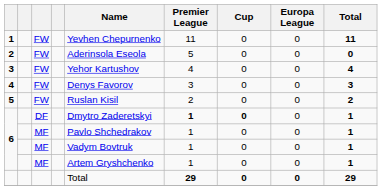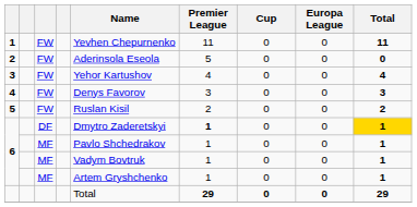 <table class="wikitable" style="text-align:center">
 <tr>
 <th width=15></th>
 <th width=15></th>
 <th width=15></th>
 <th width=15></th>
 <th width=155>Name</th>
 <th width=80><strong>Premier League</strong></th>
 <th width=80><strong>Cup</strong></th>
 <th width=80><strong>Europa League</strong></th>
 <th width=80>Total</th>
 </tr>
 <tr>
 <td><strong>1</strong></td>
 <td></td>
 <td><a href='#'>FW</a></td>
 <td></td>
 <td align=left><a href='#'>Yevhen Chepurnenko</a></td>
 <td>11</td>
 <td>0</td>
 <td>0</td>
 <td><strong>11</strong></td>
 </tr>
 <tr>
 <td><strong>2</strong></td>
 <td></td>
 <td><a href='#'>FW</a></td>
 <td></td>
 <td align=left><a href='#'>Aderinsola Eseola</a></td>
 <td>5</td>
 <td>0</td>
 <td>0</td>
 <td><strong>0</strong></td>
 </tr>
 <tr>
 <td><strong>3</strong></td>
 <td></td>
 <td><a href='#'>FW</a></td>
 <td></td>
 <td align=left><a href='#'>Yehor Kartushov</a></td>
 <td>4</td>
 <td>0</td>
 <td>0</td>
 <td><strong>4</strong></td>
 </tr>
 <tr>
 <td><strong>4</strong></td>
 <td></td>
 <td><a href='#'>FW</a></td>
 <td></td>
 <td align=left><a href='#'>Denys Favorov</a></td>
 <td>3</td>
 <td>0</td>
 <td>0</td>
 <td><strong>3</strong></td>
 </tr>
 <tr>
 <td><strong>5</strong></td>
 <td></td>
 <td><a href='#'>FW</a></td>
 <td></td>
 <td align=left><a href='#'>Ruslan Kisil</a></td>
 <td>2</td>
 <td>0</td>
 <td>0</td>
 <td><strong>2</strong></td>
 </tr>
 <tr>
 <td rowspan=4><strong>6</strong></td>
 <td></td>
 <td><a href='#'>DF</a></td>
 <td></td>
 <td align=left><a href='#'>Dmytro Zaderetskyi</a></td>
 <td><strong>1</strong></td>
-<td><strong>0</strong></td>
 <td>0</td>
-<td><strong>1</strong></td>
+<td>0</td>
+<td style="background: gold;"><strong>1</strong></td>
 </tr>
 <tr>
 <td></td>
 <td><a href='#'>MF</a></td>
 <td></td>
 <td align=left><a href='#'>Pavlo Shchedrakov</a></td>
 <td>1</td>
 <td>0</td>
 <td>0</td>
 <td><strong>1</strong></td>
 </tr>
 <tr>
 <td></td>
 <td><a href='#'>MF</a></td>
 <td></td>
 <td align=left><a href='#'>Vadym Bovtruk</a></td>
 <td>1</td>
 <td>0</td>
 <td>0</td>
 <td><strong>1</strong></td>
 </tr>
 <tr>
 <td></td>
 <td><a href='#'>MF</a></td>
 <td></td>
 <td align=left><a href='#'>Artem Gryshchenko</a></td>
 <td>1</td>
 <td>0</td>
 <td>0</td>
 <td><strong>1</strong></td>
 </tr>
 <tr>
 <td></td>
 <td></td>
 <td></td>
 <td></td>
 <td align=left>Total</td>
 <td><strong>29</strong></td>
 <td><strong>0</strong></td>
 <td><strong>0</strong></td>
 <td><strong>29</strong></td>
 </tr>
 <tr>
 </tr>
 </table>
